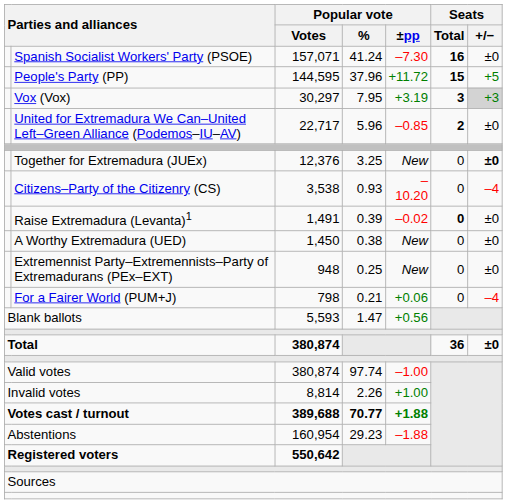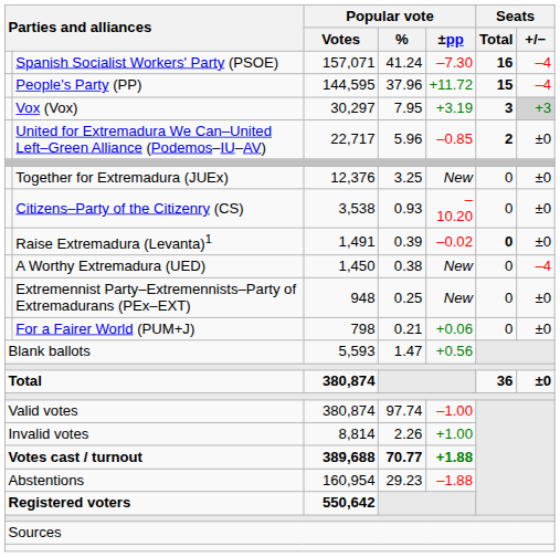 <table class="wikitable" style="text-align:right;">
 <tr>
 <th style="text-align:left;" rowspan="2" colspan="2" width="525">Parties and alliances</th>
 <th colspan="3">Popular vote</th>
 <th colspan="2">Seats</th>
 </tr>
 <tr>
 <th width="75">Votes</th>
 <th width="45">%</th>
 <th width="45">±<a href='#'>pp</a></th>
 <th width="35">Total</th>
 <th width="35">+/−</th>
 </tr>
 <tr>
 <td width="1" style="color:inherit;background:"></td>
 <td align="left"><a href='#'>Spanish Socialist Workers' Party</a> (PSOE)</td>
 <td>157,071</td>
 <td>41.24</td>
 <td style="color:red;">–7.30</td>
 <td><strong>16</strong></td>
-<td>±0</td>
+<td style="color:red;">–4</td>
 </tr>
 <tr>
 <td style="color:inherit;background:"></td>
 <td align="left"><a href='#'>People's Party</a> (PP)</td>
 <td>144,595</td>
 <td>37.96</td>
 <td style="color:green;">+11.72</td>
 <td><strong>15</strong></td>
-<td style="color:green;">+5</td>
+<td style="color:red;">–4</td>
 </tr>
 <tr>
 <td style="color:inherit;background:"></td>
 <td align="left"><a href='#'>Vox</a> (Vox)</td>
 <td>30,297</td>
 <td>7.95</td>
 <td style="color:green;">+3.19</td>
 <td><strong>3</strong></td>
 <td style="background: lightgrey; color:green;">+3</td>
 </tr>
 <tr>
 <td style="color:inherit;background:"></td>
 <td align="left"><a href='#'>United for Extremadura We Can–United Left–Green Alliance</a> (<a href='#'>Podemos</a>–<a href='#'>IU</a>–<a href='#'>AV</a>)</td>
 <td>22,717</td>
 <td>5.96</td>
 <td style="color:red;">–0.85</td>
 <td><strong>2</strong></td>
 <td>±0</td>
 </tr>
 <tr>
 <td colspan="7" bgcolor="#C0C0C0"></td>
 </tr>
 <tr>
 <td style="color:inherit;background:"></td>
 <td align="left">Together for Extremadura (JUEx)</td>
 <td>12,376</td>
 <td>3.25</td>
 <td><em>New</em></td>
 <td>0</td>
-<td><strong>±0</strong></td>
+<td>±0</td>
 </tr>
 <tr>
 <td style="color:inherit;background:"></td>
 <td align="left"><a href='#'>Citizens–Party of the Citizenry</a> (CS)</td>
 <td>3,538</td>
 <td>0.93</td>
 <td style="color:red;">–10.20</td>
 <td>0</td>
-<td style="color:red;">–4</td>
+<td>±0</td>
 </tr>
 <tr>
 <td style="color:inherit;background:"></td>
 <td align="left">Raise Extremadura (Levanta)<sup>1</sup></td>
 <td>1,491</td>
 <td>0.39</td>
 <td style="color:red;">–0.02</td>
 <td><strong>0</strong></td>
 <td>±0</td>
 </tr>
 <tr>
 <td style="color:inherit;background:"></td>
 <td align="left">A Worthy Extremadura (UED)</td>
 <td>1,450</td>
 <td>0.38</td>
 <td><em>New</em></td>
 <td>0</td>
-<td>±0</td>
+<td style="color:red;">–4</td>
 </tr>
 <tr>
 <td style="color:inherit;background:"></td>
 <td align="left">Extremennist Party–Extremennists–Party of Extremadurans (PEx–EXT)</td>
 <td>948</td>
 <td>0.25</td>
 <td><em>New</em></td>
 <td>0</td>
 <td>±0</td>
 </tr>
 <tr>
 <td style="color:inherit;background:"></td>
 <td align="left"><a href='#'>For a Fairer World</a> (PUM+J)</td>
 <td>798</td>
 <td>0.21</td>
 <td style="color:green;">+0.06</td>
 <td>0</td>
-<td style="color:red;">–4</td>
+<td>±0</td>
 </tr>
 <tr>
 <td align="left" colspan="2">Blank ballots</td>
 <td>5,593</td>
 <td>1.47</td>
 <td style="color:green;">+0.56</td>
 <td bgcolor="#E9E9E9" colspan="2"></td>
 </tr>
 <tr>
 <td colspan="7" bgcolor="#E9E9E9"></td>
 </tr>
 <tr style="font-weight:bold;">
 <td align="left" colspan="2">Total</td>
 <td>380,874</td>
 <td bgcolor="#E9E9E9" colspan="2"></td>
 <td>36</td>
 <td>±0</td>
 </tr>
 <tr>
 <td colspan="7" bgcolor="#E9E9E9"></td>
 </tr>
 <tr>
 <td align="left" colspan="2">Valid votes</td>
 <td>380,874</td>
 <td>97.74</td>
 <td style="color:red;">–1.00</td>
 <td bgcolor="#E9E9E9" colspan="2" rowspan="5"></td>
 </tr>
 <tr>
 <td align="left" colspan="2">Invalid votes</td>
 <td>8,814</td>
 <td>2.26</td>
 <td style="color:green;">+1.00</td>
 </tr>
 <tr style="font-weight:bold;">
 <td align="left" colspan="2">Votes cast / turnout</td>
 <td>389,688</td>
 <td>70.77</td>
 <td style="color:green;">+1.88</td>
 </tr>
 <tr>
 <td align="left" colspan="2">Abstentions</td>
 <td>160,954</td>
 <td>29.23</td>
 <td style="color:red;">–1.88</td>
 </tr>
 <tr style="font-weight:bold;">
 <td align="left" colspan="2">Registered voters</td>
 <td>550,642</td>
 <td bgcolor="#E9E9E9" colspan="2"></td>
 </tr>
 <tr>
 <td colspan="7" bgcolor="#E9E9E9"></td>
 </tr>
 <tr>
 <td align="left" colspan="7">Sources</td>
 </tr>
 <tr>
 <td colspan="7" style="text-align:left; max-width:790px;"></td>
 </tr>
 </table>
